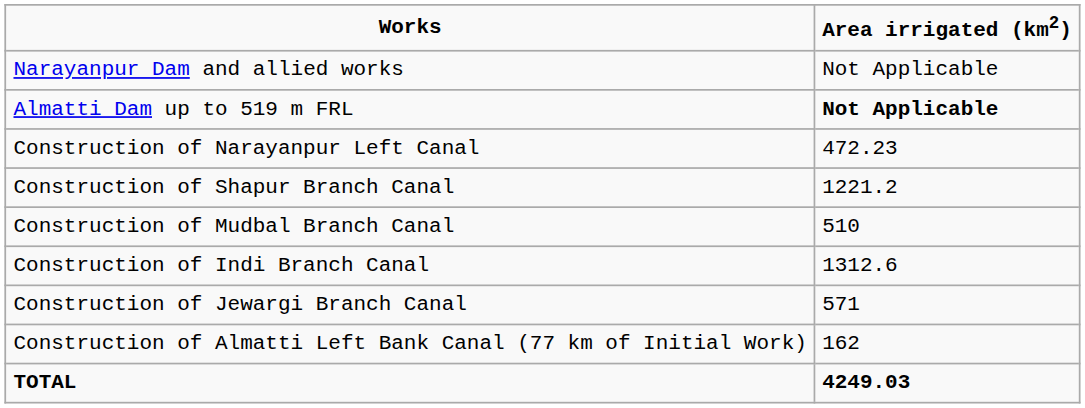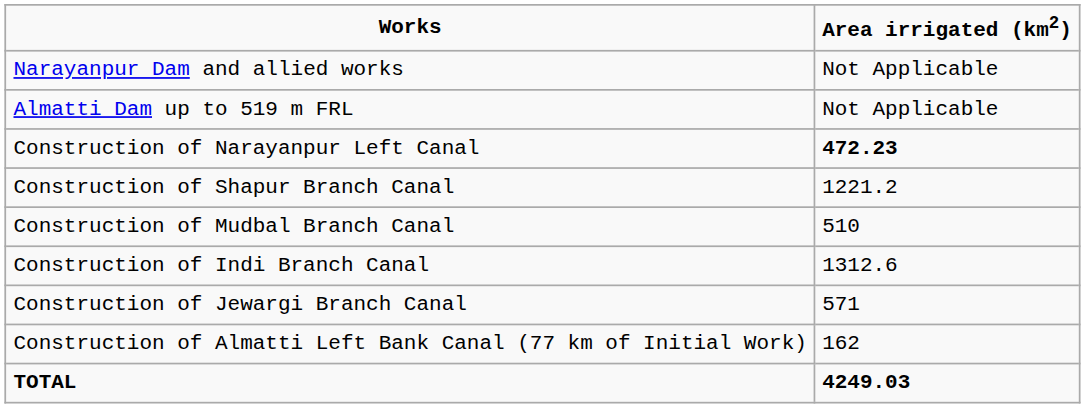 <table border=1 align=center cellpadding=4 cellspacing=0 style="margin: 0 0 1em 1em; background: #f9f9f9; border: 1px #aaaaaa solid; border-collapse: collapse; font-size: 95%;">
 <tr>
 <th>Works</th>
 <th>Area irrigated (km<sup>2</sup>)</th>
 </tr>
 <tr>
 <td><a href='#'>Narayanpur Dam</a> and allied works</td>
 <td>Not Applicable</td>
 </tr>
 <tr>
 <td><a href='#'>Almatti Dam</a> up to 519 m FRL</td>
-<td><strong>Not Applicable</strong></td>
+<td>Not Applicable</td>
 </tr>
 <tr>
 <td>Construction of Narayanpur Left Canal</td>
-<td>472.23</td>
+<td><strong>472.23</strong></td>
 </tr>
 <tr>
 <td>Construction of Shapur Branch Canal</td>
 <td>1221.2</td>
 </tr>
 <tr>
 <td>Construction of Mudbal Branch Canal</td>
 <td>510</td>
 </tr>
 <tr>
 <td>Construction of Indi Branch Canal</td>
 <td>1312.6</td>
 </tr>
 <tr>
 <td>Construction of Jewargi Branch Canal</td>
 <td>571</td>
 </tr>
 <tr>
 <td>Construction of Almatti Left Bank Canal (77 km of Initial Work)</td>
 <td>162</td>
 </tr>
 <tr>
 <td><strong>TOTAL</strong></td>
 <td><strong>4249.03</strong></td>
 </tr>
 </table>
